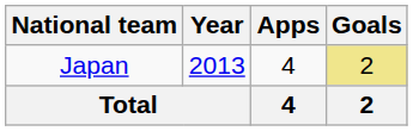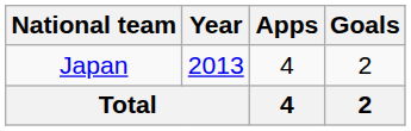 <table class="wikitable" style="text-align:center">
 <tr>
 <th>National team</th>
 <th>Year</th>
 <th>Apps</th>
 <th>Goals</th>
 </tr>
 <tr>
 <td><a href='#'>Japan</a></td>
 <td><a href='#'>2013</a></td>
 <td>4</td>
-<td style="background: khaki;">2</td>
+<td>2</td>
 </tr>
 <tr>
 <th colspan="2">Total</th>
 <th>4</th>
 <th>2</th>
 </tr>
 </table>
